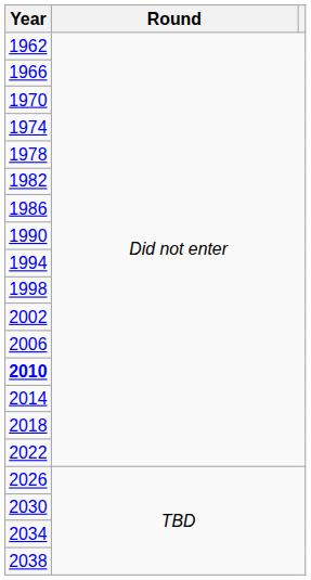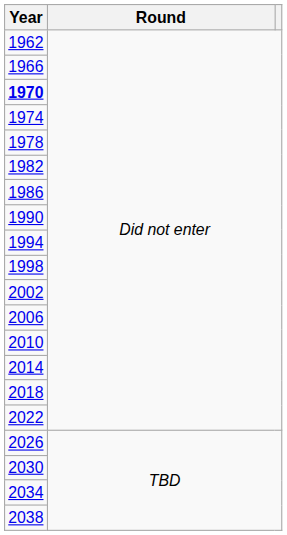 <table class="wikitable" style="text-align: center; font-size:90%">
 <tr>
 <th>Year</th>
 <th style="width:200px">Round</th>
 <th></th>
 </tr>
 <tr>
 <td><a href='#'>1962</a></td>
 <td colspan="2" rowspan="16"><em>Did not enter</em></td>
 </tr>
 <tr>
 <td><a href='#'>1966</a></td>
 </tr>
 <tr>
-<td><a href='#'>1970</a></td>
+<td><strong><a href='#'>1970</a></strong></td>
 </tr>
 <tr>
 <td><a href='#'>1974</a></td>
 </tr>
 <tr>
 <td><a href='#'>1978</a></td>
 </tr>
 <tr>
 <td><a href='#'>1982</a></td>
 </tr>
 <tr>
 <td><a href='#'>1986</a></td>
 </tr>
 <tr>
 <td><a href='#'>1990</a></td>
 </tr>
 <tr>
 <td><a href='#'>1994</a></td>
 </tr>
 <tr>
 <td><a href='#'>1998</a></td>
 </tr>
 <tr>
 <td><a href='#'>2002</a></td>
 </tr>
 <tr>
 <td><a href='#'>2006</a></td>
 </tr>
 <tr>
-<td><strong><a href='#'>2010</a></strong></td>
+<td><a href='#'>2010</a></td>
 </tr>
 <tr>
 <td><a href='#'>2014</a></td>
 </tr>
 <tr>
 <td><a href='#'>2018</a></td>
 </tr>
 <tr>
 <td><a href='#'>2022</a></td>
 </tr>
 <tr>
 <td><a href='#'>2026</a></td>
 <td colspan="2" rowspan="4"><em>TBD</em></td>
 </tr>
 <tr>
 <td><a href='#'>2030</a></td>
 </tr>
 <tr>
 <td><a href='#'>2034</a></td>
 </tr>
 <tr>
 <td><a href='#'>2038</a></td>
 </tr>
 </table>
